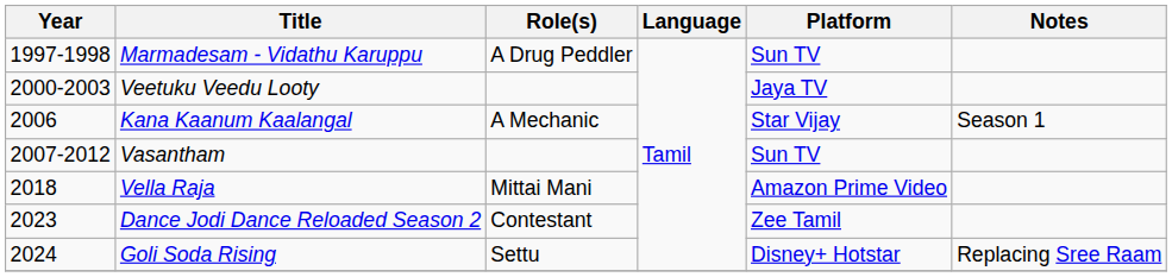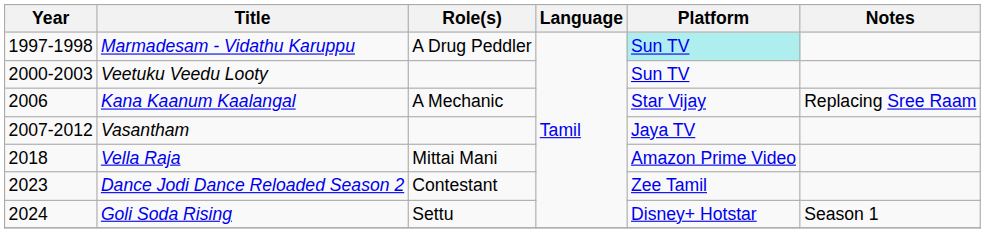 <table class="wikitable ">
 <tr>
 <th scope="col">Year</th>
 <th scope="col">Title</th>
 <th scope="col">Role(s)</th>
 <th scope="col">Language</th>
 <th scope="col">Platform</th>
 <th scope="col">Notes</th>
 </tr>
 <tr>
 <td>1997-1998</td>
 <td><em><a href='#'>Marmadesam - Vidathu Karuppu</a></em></td>
 <td>A Drug Peddler</td>
 <td rowspan = "7"><a href='#'>Tamil</a></td>
-<td><a href='#'>Sun TV</a></td>
+<td style="background: paleturquoise;"><a href='#'>Sun TV</a></td>
 <td></td>
 </tr>
 <tr>
 <td>2000-2003</td>
 <td><em>Veetuku Veedu Looty</em></td>
 <td></td>
-<td><a href='#'>Jaya TV</a></td>
+<td><a href='#'>Sun TV</a></td>
 <td></td>
 </tr>
 <tr>
 <td>2006</td>
 <td><em><a href='#'>Kana Kaanum Kaalangal</a></em></td>
 <td>A Mechanic</td>
 <td><a href='#'>Star Vijay</a></td>
-<td>Season 1</td>
+<td>Replacing <a href='#'>Sree Raam</a></td>
 </tr>
 <tr>
 <td>2007-2012</td>
 <td><em>Vasantham</em></td>
 <td></td>
-<td><a href='#'>Sun TV</a></td>
+<td><a href='#'>Jaya TV</a></td>
 <td></td>
 </tr>
 <tr>
 <td>2018</td>
 <td><em><a href='#'>Vella Raja</a></em></td>
 <td>Mittai Mani</td>
 <td><a href='#'>Amazon Prime Video</a></td>
 <td></td>
 </tr>
 <tr>
 <td>2023</td>
 <td><em><a href='#'>Dance Jodi Dance Reloaded Season 2</a></em></td>
 <td>Contestant</td>
 <td><a href='#'>Zee Tamil</a></td>
 <td></td>
 </tr>
 <tr>
 <td>2024</td>
 <td><em><a href='#'>Goli Soda Rising</a></em></td>
 <td>Settu</td>
 <td><a href='#'>Disney+ Hotstar</a></td>
-<td>Replacing <a href='#'>Sree Raam</a></td>
+<td>Season 1</td>
 </tr>
 <tr>
 </tr>
 </table>
